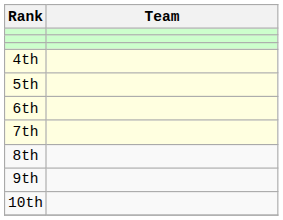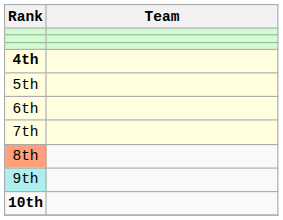 <table class=wikitable style="text-align:center;">
 <tr>
 <th>Rank</th>
 <th width=200>Team</th>
 </tr>
 <tr bgcolor="#ccffcc">
 <td></td>
 <td align=left></td>
 </tr>
 <tr bgcolor="#ccffcc">
 <td></td>
 <td align=left></td>
 </tr>
 <tr bgcolor="#ccffcc">
 <td></td>
 <td align=left></td>
 </tr>
 <tr bgcolor="#ffffe0">
-<td>4th</td>
+<td><strong>4th</strong></td>
 <td align=left></td>
 </tr>
 <tr bgcolor="#ffffe0">
 <td>5th</td>
 <td align=left></td>
 </tr>
 <tr bgcolor="#ffffe0">
 <td>6th</td>
 <td align=left></td>
 </tr>
 <tr bgcolor="#ffffe0">
 <td>7th</td>
 <td align=left></td>
 </tr>
 <tr>
-<td>8th</td>
+<td style="background: lightsalmon;">8th</td>
 <td align=left></td>
 </tr>
 <tr>
-<td>9th</td>
+<td style="background: paleturquoise;">9th</td>
 <td align=left></td>
 </tr>
 <tr>
-<td>10th</td>
+<td><strong>10th</strong></td>
 <td align=left></td>
 </tr>
 <tr>
 </tr>
 </table>
